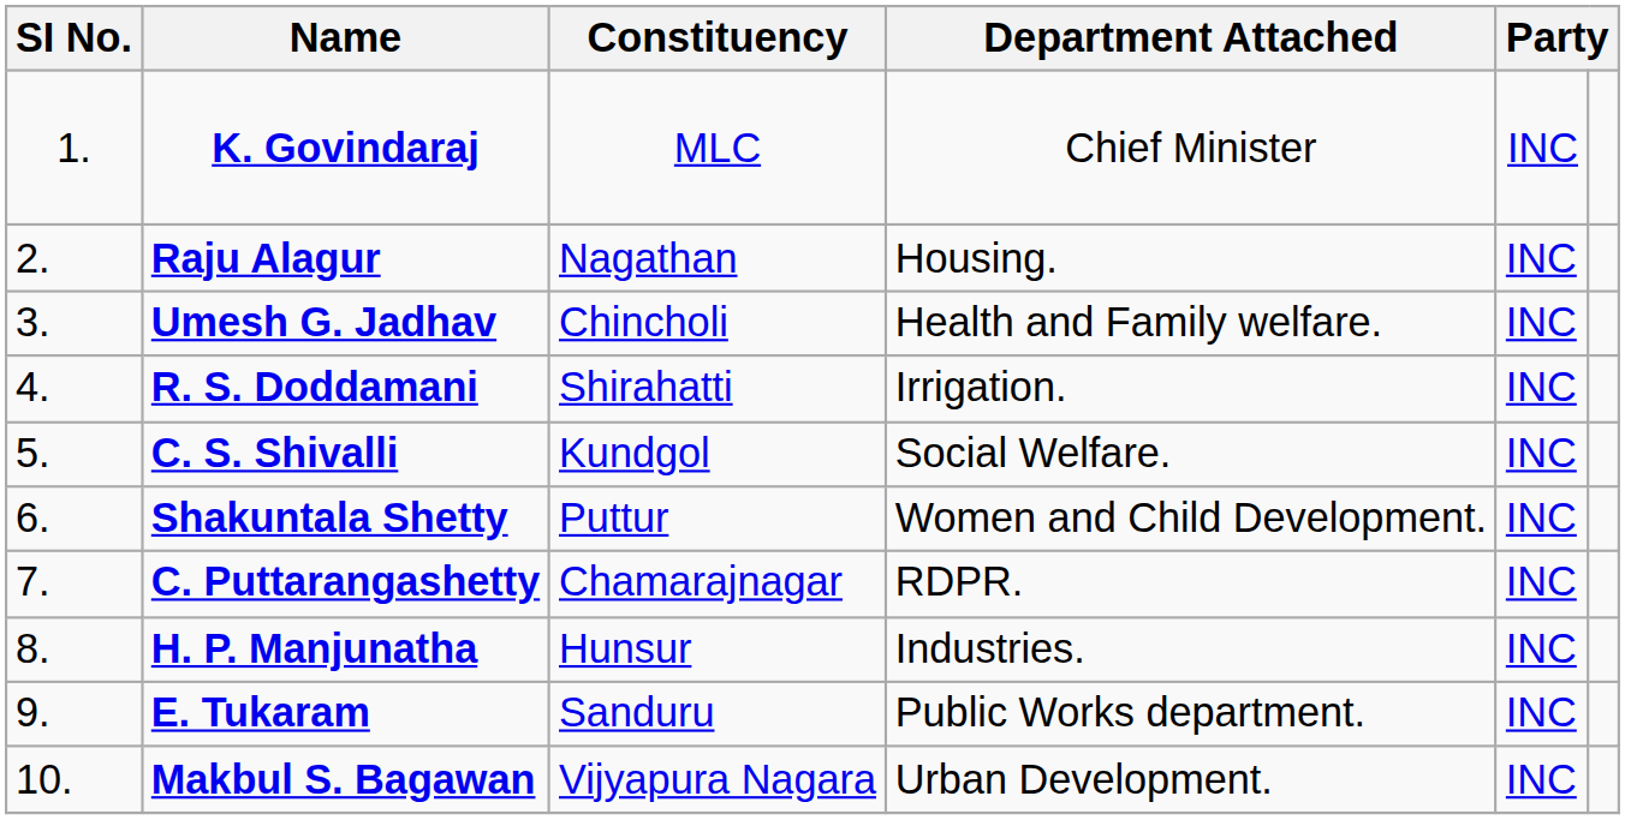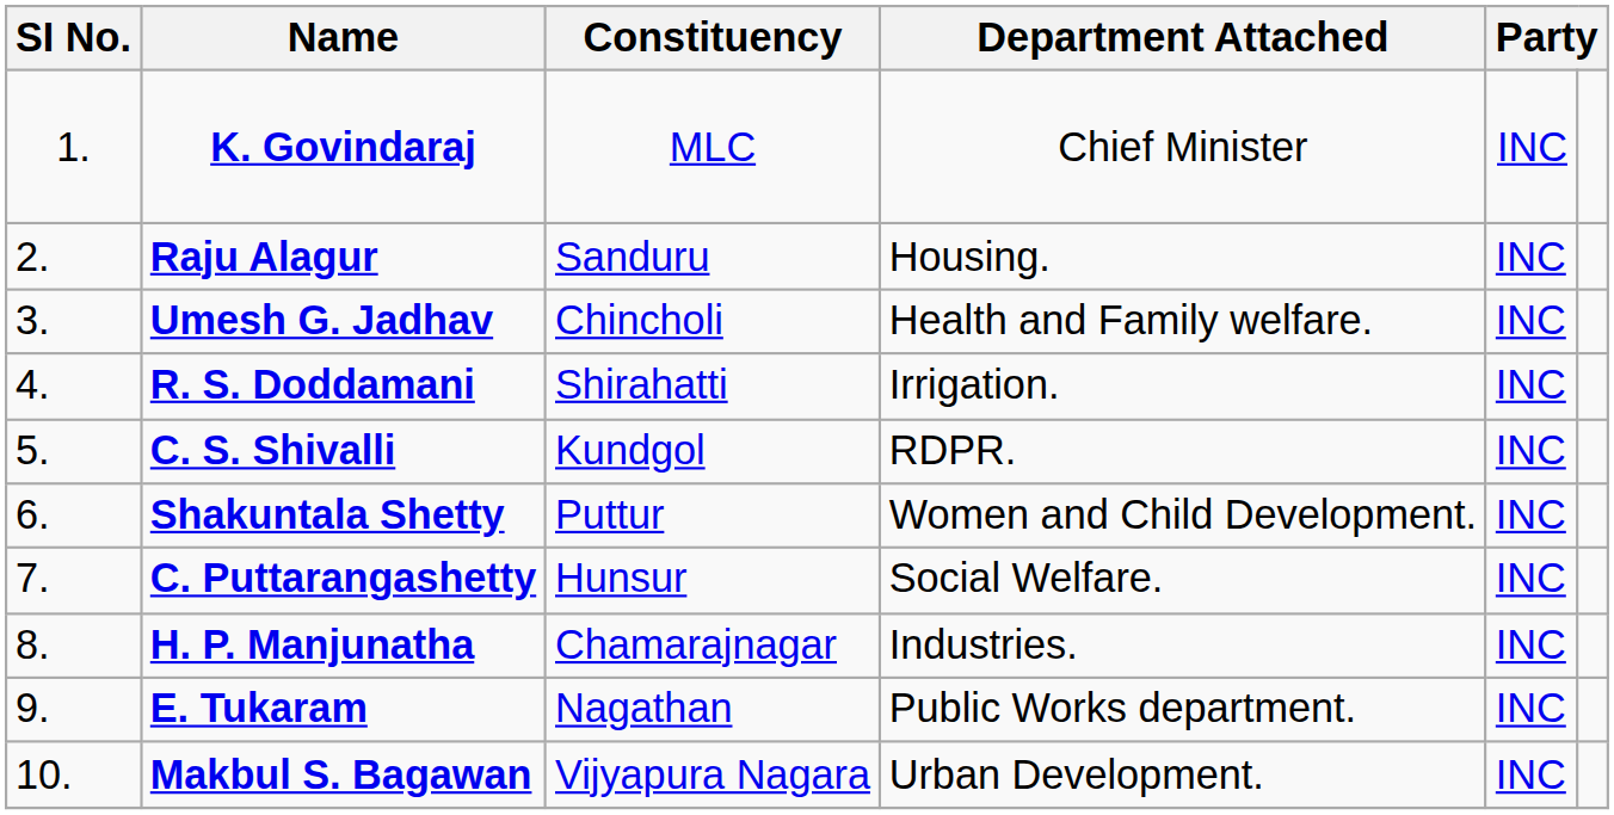 <table class ="wikitable">
 <tr>
 <th>SI No.</th>
 <th>Name</th>
 <th>Constituency</th>
 <th>Department Attached</th>
 <th colspan="2" scope="col">Party</th>
 </tr>
 <tr style="text-align:center; height:60px;">
 <td>1.</td>
 <td><strong><a href='#'>K. Govindaraj</a></strong></td>
 <td><a href='#'>MLC</a></td>
 <td>Chief Minister</td>
 <td><a href='#'>INC</a></td>
 <td width="4px" style="background-color: "></td>
 </tr>
 <tr>
 <td>2.</td>
 <td><strong><a href='#'>Raju Alagur</a></strong></td>
-<td><a href='#'>Nagathan</a></td>
+<td><a href='#'>Sanduru</a></td>
 <td>Housing.</td>
 <td><a href='#'>INC</a></td>
 <td width="4px" style="background-color: "></td>
 </tr>
 <tr>
 <td>3.</td>
 <td><strong><a href='#'>Umesh G. Jadhav</a></strong></td>
 <td><a href='#'>Chincholi</a></td>
 <td>Health and Family welfare.</td>
 <td><a href='#'>INC</a></td>
 <td width="4px" style="background-color: "></td>
 </tr>
 <tr>
 <td>4.</td>
 <td><strong><a href='#'>R. S. Doddamani</a></strong></td>
 <td><a href='#'>Shirahatti</a></td>
 <td>Irrigation.</td>
 <td><a href='#'>INC</a></td>
 <td width="4px" style="background-color: "></td>
 </tr>
 <tr>
 <td>5.</td>
 <td><strong><a href='#'>C. S. Shivalli</a></strong></td>
 <td><a href='#'>Kundgol</a></td>
-<td>Social Welfare.</td>
+<td>RDPR.</td>
 <td><a href='#'>INC</a></td>
 <td width="4px" style="background-color: "></td>
 </tr>
 <tr>
 <td>6.</td>
 <td><strong><a href='#'>Shakuntala Shetty</a></strong></td>
 <td><a href='#'>Puttur</a></td>
 <td>Women and Child Development.</td>
 <td><a href='#'>INC</a></td>
 <td width="4px" style="background-color: "></td>
 </tr>
 <tr>
 <td>7.</td>
 <td><strong><a href='#'>C. Puttarangashetty</a></strong></td>
-<td><a href='#'>Chamarajnagar</a></td>
-<td>RDPR.</td>
+<td><a href='#'>Hunsur</a></td>
+<td>Social Welfare.</td>
 <td><a href='#'>INC</a></td>
 <td width="4px" style="background-color: "></td>
 </tr>
 <tr>
 <td>8.</td>
 <td><strong><a href='#'>H. P. Manjunatha</a></strong></td>
-<td><a href='#'>Hunsur</a></td>
+<td><a href='#'>Chamarajnagar</a></td>
 <td>Industries.</td>
 <td><a href='#'>INC</a></td>
 <td width="4px" style="background-color: "></td>
 </tr>
 <tr>
 <td>9.</td>
 <td><strong><a href='#'>E. Tukaram</a></strong></td>
-<td><a href='#'>Sanduru</a></td>
+<td><a href='#'>Nagathan</a></td>
 <td>Public Works department.</td>
 <td><a href='#'>INC</a></td>
 <td width="4px" style="background-color: "></td>
 </tr>
 <tr>
 <td>10.</td>
 <td><strong><a href='#'>Makbul S. Bagawan</a></strong> </td>
 <td><a href='#'>Vijyapura Nagara</a></td>
 <td>Urban Development.</td>
 <td><a href='#'>INC</a></td>
 <td width="4px" style="background-color: "></td>
 </tr>
 <tr>
 </tr>
 </table>
